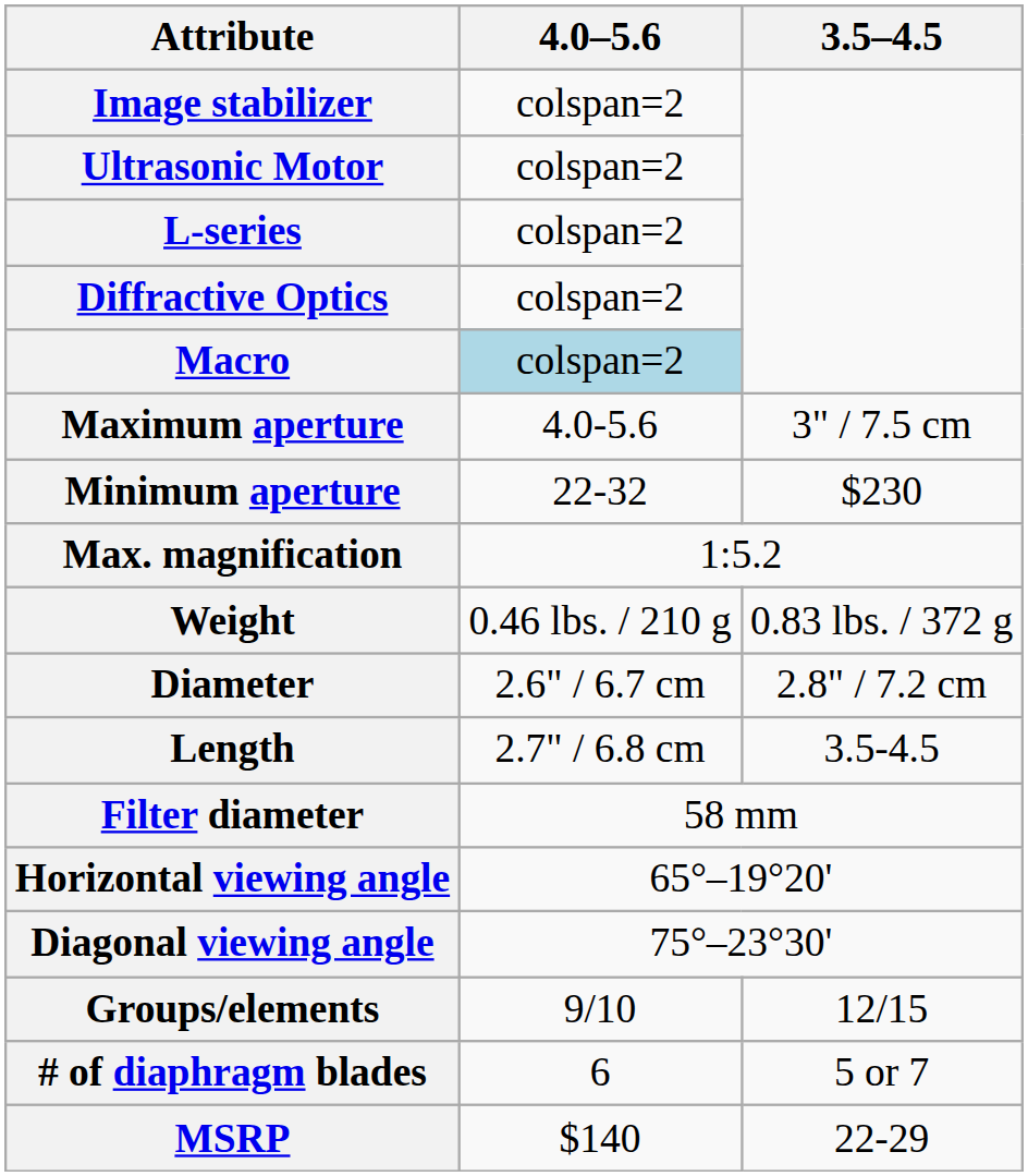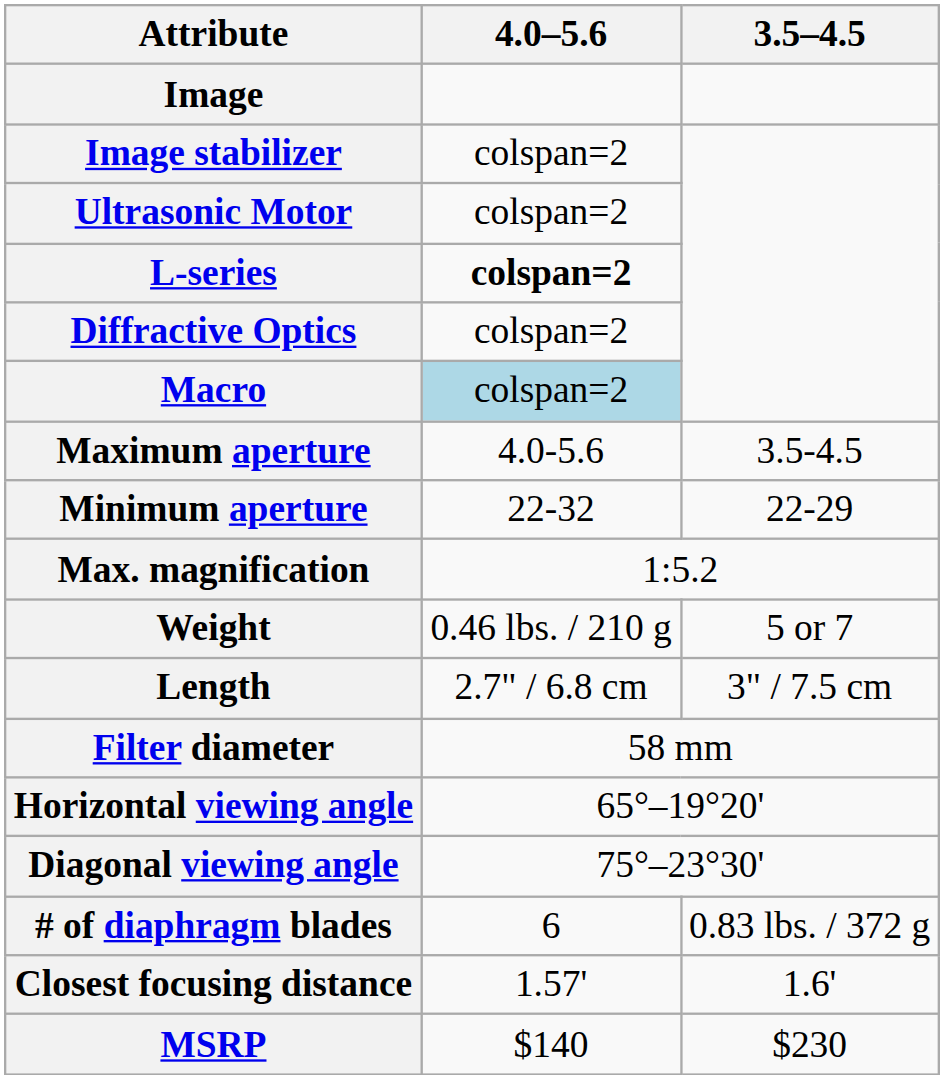 <table class="wikitable" style="text-align:center">
 <tr>
 <th>Attribute</th>
 <th>4.0–5.6</th>
 <th>3.5–4.5</th>
+</tr>
+<tr>
+<th>Image</th>
+<td></td>
+<td></td>
 </tr>
 <tr>
 <th><a href='#'>Image stabilizer</a></th>
 <td>colspan=2 </td>
 </tr>
 <tr>
 <th><a href='#'>Ultrasonic Motor</a></th>
 <td>colspan=2 </td>
 </tr>
 <tr>
 <th><a href='#'>L-series</a></th>
-<td>colspan=2 </td>
+<td><strong>colspan=2 </strong></td>
 </tr>
 <tr>
 <th><a href='#'>Diffractive Optics</a></th>
 <td>colspan=2 </td>
 </tr>
 <tr>
 <th><a href='#'>Macro</a></th>
 <td style="background: lightblue;">colspan=2 </td>
 </tr>
 <tr>
 <th>Maximum <a href='#'>aperture</a></th>
 <td>4.0-5.6</td>
-<td>3" / 7.5 cm</td>
+<td>3.5-4.5</td>
 </tr>
 <tr>
 <th>Minimum <a href='#'>aperture</a></th>
 <td>22-32</td>
-<td>$230</td>
+<td>22-29</td>
 </tr>
 <tr>
 <th>Max. magnification</th>
 <td colspan=2>1:5.2</td>
 </tr>
 <tr>
 <th>Weight</th>
 <td>0.46 lbs. / 210 g</td>
-<td>0.83 lbs. / 372 g</td>
-</tr>
-<tr>
-<th>Diameter</th>
-<td>2.6" / 6.7 cm</td>
-<td>2.8" / 7.2 cm</td>
+<td>5 or 7</td>
 </tr>
 <tr>
 <th>Length</th>
 <td>2.7" / 6.8 cm</td>
-<td>3.5-4.5</td>
+<td>3" / 7.5 cm</td>
 </tr>
 <tr>
 <th><a href='#'>Filter</a> diameter</th>
 <td colspan=2>58 mm</td>
 </tr>
 <tr>
 <th>Horizontal <a href='#'>viewing angle</a></th>
 <td colspan=2>65°–19°20'</td>
 </tr>
 <tr>
 <th>Diagonal <a href='#'>viewing angle</a></th>
 <td colspan=2>75°–23°30'</td>
 </tr>
 <tr>
-<th>Groups/elements</th>
-<td>9/10</td>
-<td>12/15</td>
+<th># of <a href='#'>diaphragm</a> blades</th>
+<td>6</td>
+<td>0.83 lbs. / 372 g</td>
 </tr>
 <tr>
-<th># of <a href='#'>diaphragm</a> blades</th>
-<td>6</td>
-<td>5 or 7</td>
+<th>Closest focusing distance</th>
+<td>1.57'</td>
+<td>1.6'</td>
 </tr>
 <tr>
 <th><a href='#'>MSRP</a></th>
 <td>$140</td>
-<td>22-29</td>
+<td>$230</td>
 </tr>
 </table>
